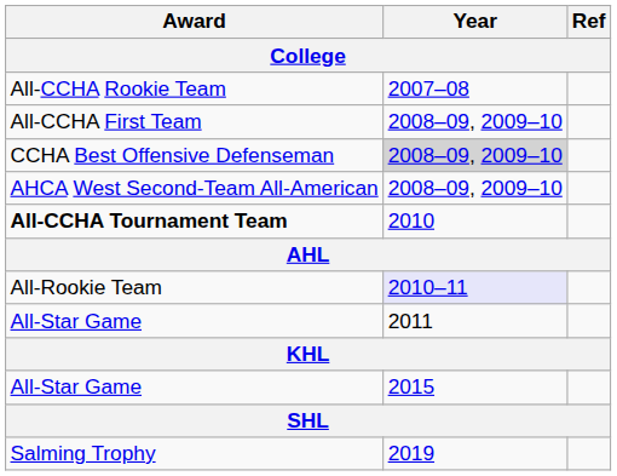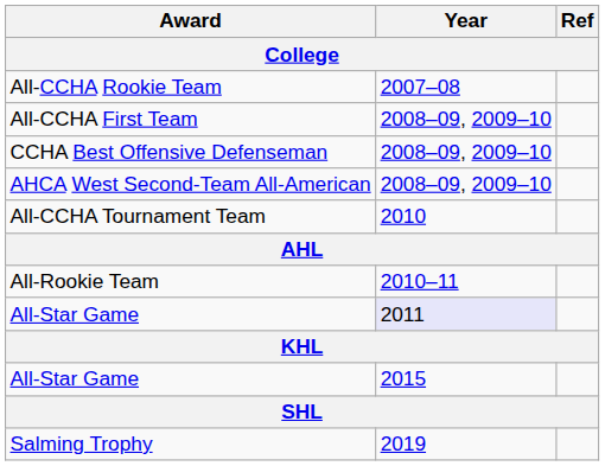 <table class="wikitable">
 <tr>
 <th>Award</th>
 <th>Year</th>
 <th>Ref</th>
 </tr>
 <tr>
 <th colspan="3"><a href='#'>College</a></th>
 </tr>
 <tr>
 <td>All-<a href='#'>CCHA</a> <a href='#'>Rookie Team</a></td>
 <td><a href='#'>2007–08</a></td>
 <td></td>
 </tr>
 <tr>
 <td>All-CCHA <a href='#'>First Team</a></td>
 <td><a href='#'>2008–09</a>, <a href='#'>2009–10</a></td>
 <td></td>
 </tr>
 <tr>
 <td>CCHA <a href='#'>Best Offensive Defenseman</a></td>
-<td style="background: lightgrey;"><a href='#'>2008–09</a>, <a href='#'>2009–10</a></td>
+<td><a href='#'>2008–09</a>, <a href='#'>2009–10</a></td>
 <td></td>
 </tr>
 <tr>
 <td><a href='#'>AHCA</a> <a href='#'>West Second-Team All-American</a></td>
 <td><a href='#'>2008–09</a>, <a href='#'>2009–10</a></td>
 <td></td>
 </tr>
 <tr>
-<td><strong>All-CCHA Tournament Team</strong></td>
+<td>All-CCHA Tournament Team</td>
 <td><a href='#'>2010</a></td>
 <td></td>
 </tr>
 <tr>
 <th colspan="3"><a href='#'>AHL</a></th>
 </tr>
 <tr>
 <td>All-Rookie Team</td>
-<td style="background: lavender;"><a href='#'>2010–11</a></td>
+<td><a href='#'>2010–11</a></td>
 <td></td>
 </tr>
 <tr>
 <td><a href='#'>All-Star Game</a></td>
-<td>2011</td>
+<td style="background: lavender;">2011</td>
 <td></td>
 </tr>
 <tr>
 <th colspan="3"><a href='#'>KHL</a></th>
 </tr>
 <tr>
 <td><a href='#'>All-Star Game</a></td>
 <td><a href='#'>2015</a></td>
 <td></td>
 </tr>
 <tr>
 <th colspan="3"><a href='#'>SHL</a></th>
 </tr>
 <tr>
 <td><a href='#'>Salming Trophy</a></td>
 <td><a href='#'>2019</a></td>
 <td></td>
 </tr>
 </table>
